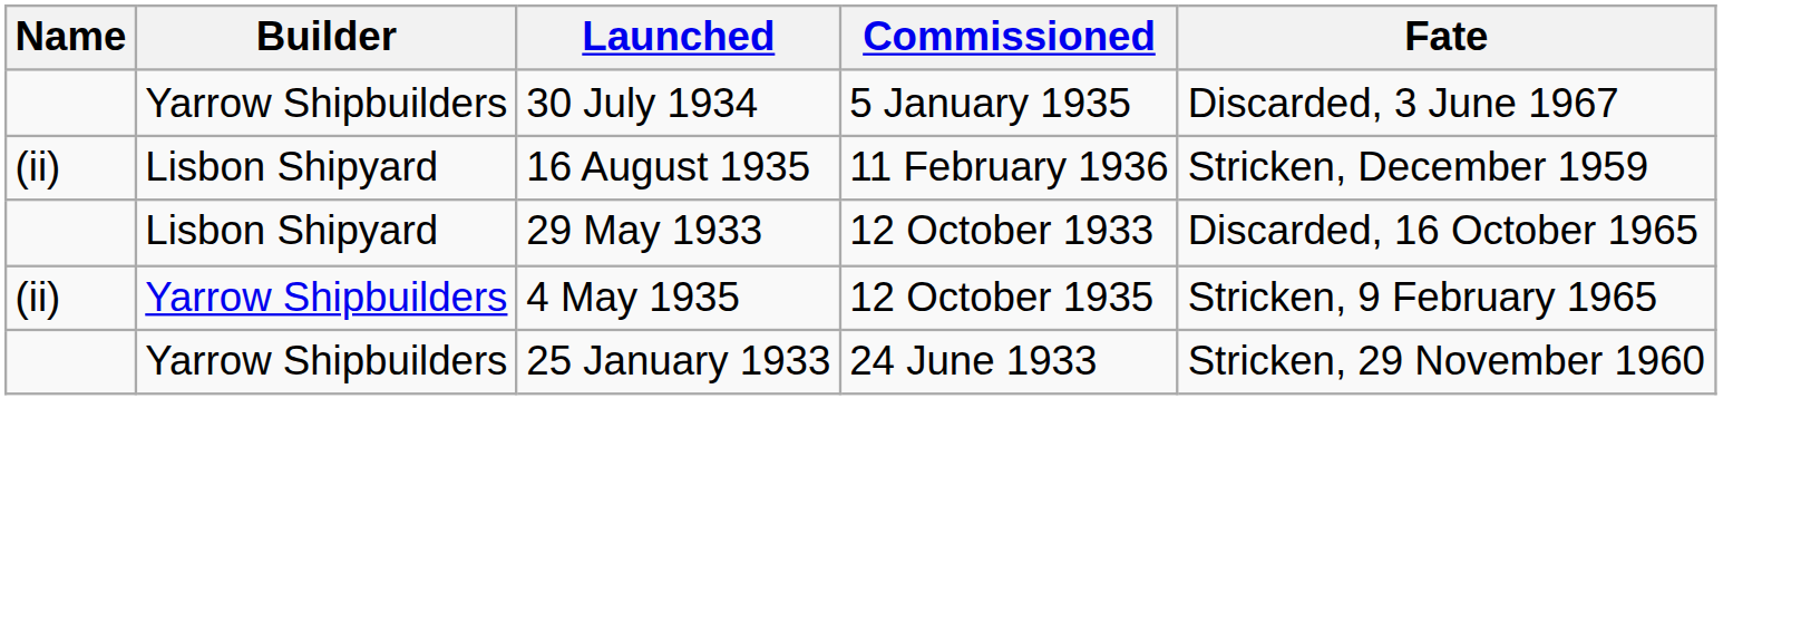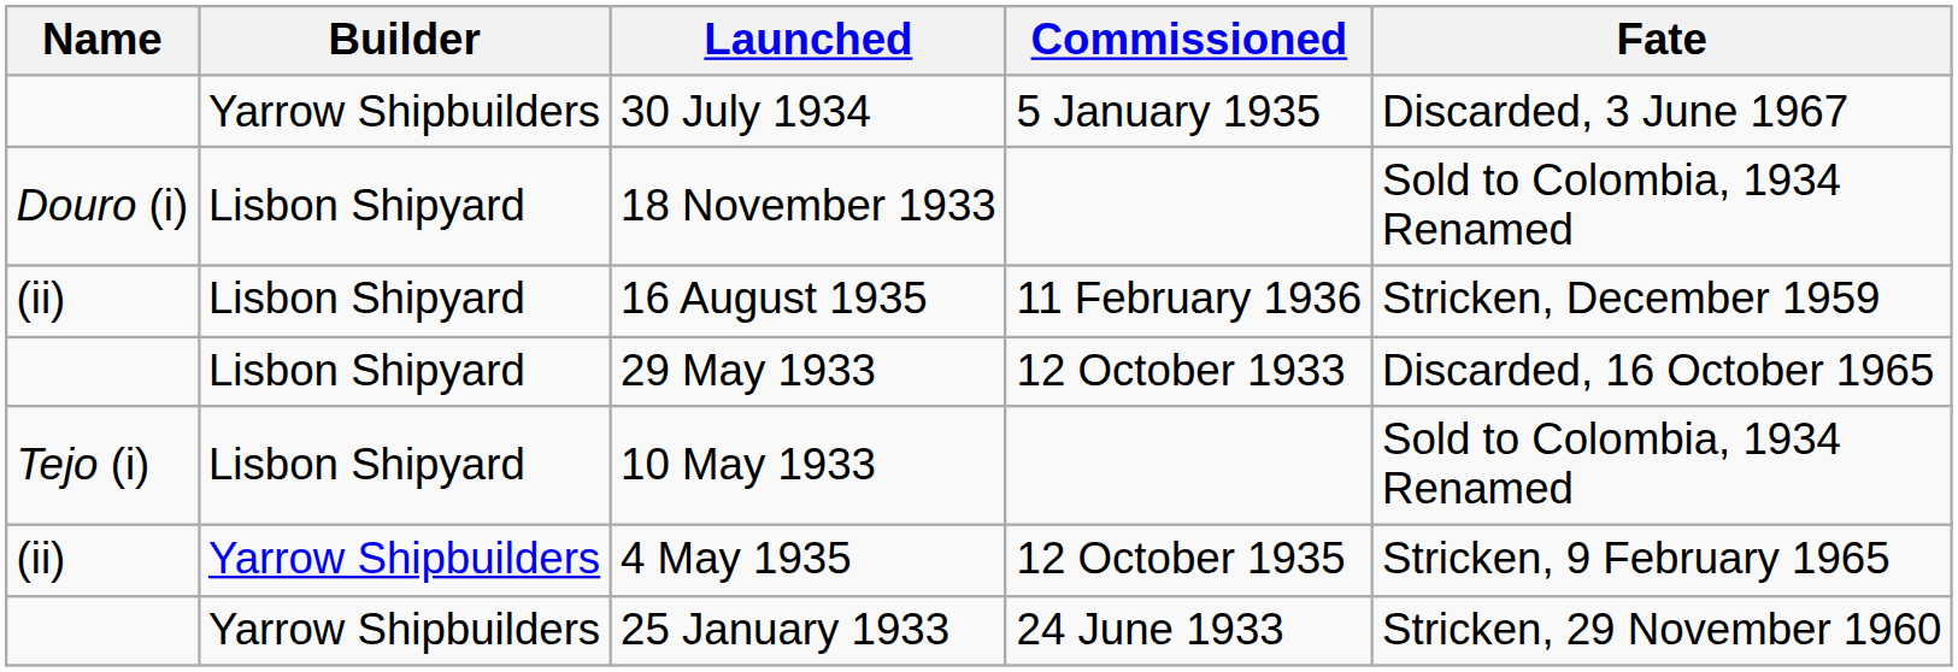 <table class="wikitable plainrowheaders">
 <tr>
 <th scope="col">Name</th>
 <th scope="col">Builder</th>
 <th scope="col"><a href='#'>Launched</a></th>
 <th scope="col"><a href='#'>Commissioned</a></th>
 <th>Fate</th>
 </tr>
 <tr>
 <td scope="row"></td>
 <td scope="row”">Yarrow Shipbuilders</td>
 <td scope="row”">30 July 1934</td>
 <td scope="row”">5 January 1935</td>
 <td scope="row”">Discarded, 3 June 1967</td>
 </tr>
 <tr>
+<td scope="row”"><em>Douro</em> (i)</td>
+<td scope="row”">Lisbon Shipyard</td>
+<td scope="row”">18 November 1933</td>
+<td></td>
+<td scope="row”">Sold to Colombia, 1934<br>Renamed </td>
+</tr>
+<tr>
 <td scope="row”"> (ii)</td>
 <td scope="row”">Lisbon Shipyard</td>
 <td scope="row”">16 August 1935</td>
 <td scope="row”">11 February 1936</td>
 <td scope="row”">Stricken, December 1959</td>
 </tr>
 <tr>
 <td scope="row”"></td>
 <td scope="row”">Lisbon Shipyard</td>
 <td scope="row”">29 May 1933</td>
 <td scope="row”">12 October 1933</td>
 <td scope="row”">Discarded, 16 October 1965</td>
+</tr>
+<tr>
+<td scope="row”"><em>Tejo</em> (i)</td>
+<td scope="row”">Lisbon Shipyard</td>
+<td scope="row”">10 May 1933</td>
+<td></td>
+<td scope="row”">Sold to Colombia, 1934<br>Renamed </td>
 </tr>
 <tr>
 <td scope="row”"> (ii)</td>
 <td scope="row”"><a href='#'>Yarrow Shipbuilders</a></td>
 <td scope="row”">4 May 1935</td>
 <td scope="row”">12 October 1935</td>
 <td scope="row”">Stricken, 9 February 1965</td>
 </tr>
 <tr>
 <td scope="row”"></td>
 <td scope="row”">Yarrow Shipbuilders</td>
 <td scope="row”">25 January 1933</td>
 <td scope="row”">24 June 1933</td>
 <td scope="row”">Stricken, 29 November 1960</td>
 </tr>
 </table>
